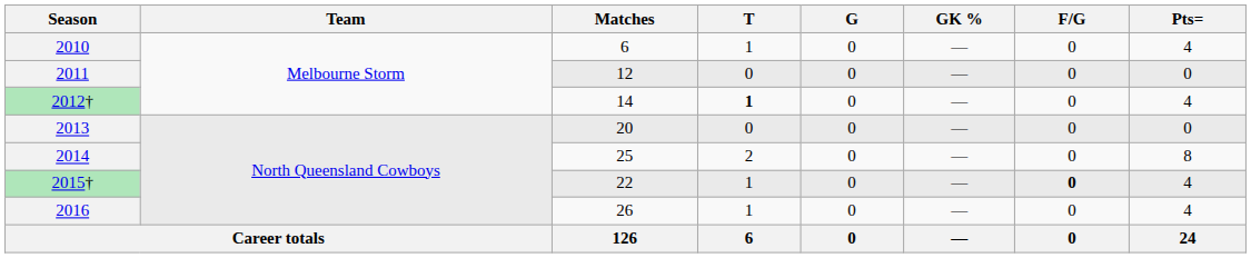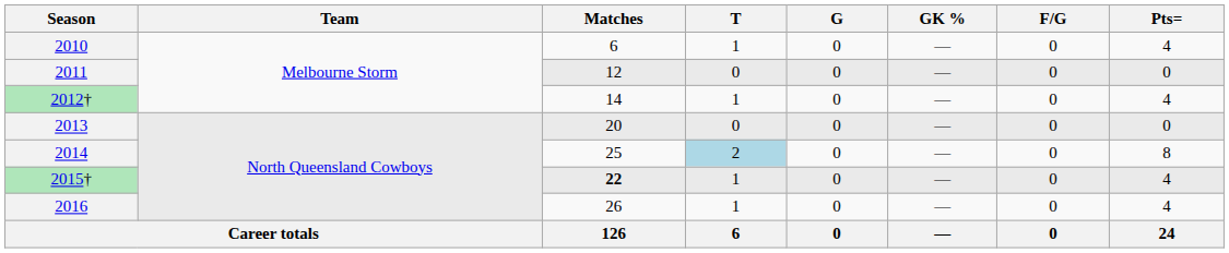 <table class="wikitable sortable"  style="font-size:90%; text-align:center; width:85%;">
 <tr>
 <th width=2%>Season</th>
 <th width=8%>Team</th>
 <th width=2%>Matches</th>
 <th width=2%>T</th>
 <th width=2%>G</th>
 <th width=2%>GK %</th>
 <th width=2%>F/G</th>
 <th width=2%>Pts=</th>
 </tr>
 <tr>
 <th scope="row" style="text-align:center; font-weight:normal"><a href='#'>2010</a></th>
 <td rowspan="3" style="text-align:center;"> <a href='#'>Melbourne Storm</a></td>
 <td>6</td>
 <td>1</td>
 <td>0</td>
 <td>—</td>
 <td>0</td>
 <td>4</td>
 </tr>
 <tr style="background:#eaeaea;">
 <th scope="row" style="text-align:center; font-weight:normal"><a href='#'>2011</a></th>
 <td>12</td>
 <td>0</td>
 <td>0</td>
 <td>—</td>
 <td>0</td>
 <td>0</td>
 </tr>
 <tr>
 <th scope="row" style="text-align:center; font-weight:normal; background:#afe6ba;"><a href='#'>2012</a>†</th>
 <td>14</td>
-<td><strong>1</strong></td>
+<td>1</td>
 <td>0</td>
 <td>—</td>
 <td>0</td>
 <td>4</td>
 </tr>
 <tr style="background:#eaeaea;">
 <th scope="row" style="text-align:center; font-weight:normal"><a href='#'>2013</a></th>
 <td rowspan="4" style="text-align:center;"> <a href='#'>North Queensland Cowboys</a></td>
 <td>20</td>
 <td>0</td>
 <td>0</td>
 <td>—</td>
 <td>0</td>
 <td>0</td>
 </tr>
 <tr>
 <th scope="row" style="text-align:center; font-weight:normal"><a href='#'>2014</a></th>
 <td>25</td>
-<td>2</td>
+<td style="background: lightblue;">2</td>
 <td>0</td>
 <td>—</td>
 <td>0</td>
 <td>8</td>
 </tr>
 <tr style="background:#eaeaea;">
 <th scope="row" style="text-align:center; font-weight:normal; background:#afe6ba;"><a href='#'>2015</a>†</th>
-<td>22</td>
+<td><strong>22</strong></td>
 <td>1</td>
 <td>0</td>
 <td>—</td>
-<td><strong>0</strong></td>
+<td>0</td>
 <td>4</td>
 </tr>
 <tr>
 <th scope="row" style="text-align:center; font-weight:normal"><a href='#'>2016</a></th>
 <td>26</td>
 <td>1</td>
 <td>0</td>
 <td>—</td>
 <td>0</td>
 <td>4</td>
 </tr>
 <tr class="sortbottom">
 <th colspan=2>Career totals</th>
 <th>126</th>
 <th>6</th>
 <th>0</th>
 <th>—</th>
 <th>0</th>
 <th>24</th>
 </tr>
 </table>
